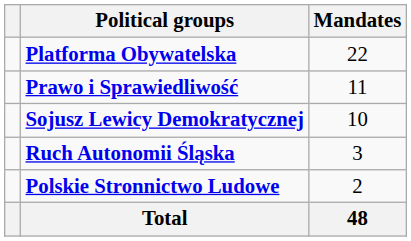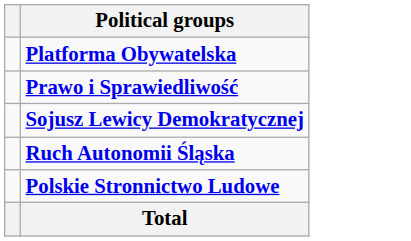 <table class="wikitable">
 <tr>
 <th width=5></th>
 <th>Political groups</th>
-<th>Mandates</th>
 </tr>
 <tr>
 <td style="background:"></td>
 <td><strong><a href='#'>Platforma Obywatelska</a></strong></td>
-<td align="center">22</td>
 </tr>
 <tr>
 <td style="background:"></td>
 <td><strong><a href='#'>Prawo i Sprawiedliwość</a></strong></td>
-<td align="center">11</td>
 </tr>
 <tr>
 <td style="background:"></td>
 <td><strong><a href='#'>Sojusz Lewicy Demokratycznej</a></strong></td>
-<td align="center">10</td>
 </tr>
 <tr>
 <td style="background:"></td>
 <td><strong><a href='#'>Ruch Autonomii Śląska</a></strong></td>
-<td align="center">3</td>
 </tr>
 <tr>
 <td style="background:"></td>
 <td><strong><a href='#'>Polskie Stronnictwo Ludowe</a></strong></td>
-<td align="center">2</td>
 </tr>
 <tr bgcolor="#ececec">
 <th></th>
 <th>Total</th>
-<th align="center">48</th>
 </tr>
 </table>
